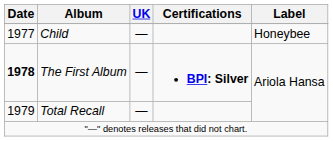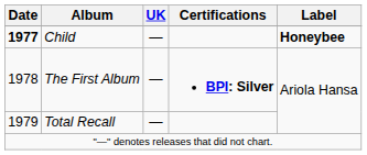 <table class=wikitable style=text-align:left;>
 <tr>
 <th>Date</th>
 <th>Album</th>
 <th><a href='#'>UK</a> <br></th>
 <th>Certifications</th>
 <th>Label</th>
 </tr>
 <tr>
 </tr>
 <tr>
-<td>1977</td>
+<td><strong>1977</strong></td>
 <td align=left><em>Child</em></td>
 <td align=center>—</td>
 <td></td>
-<td>Honeybee</td>
+<td><strong>Honeybee</strong></td>
 </tr>
 <tr>
-<td><strong>1978</strong></td>
+<td>1978</td>
 <td><em>The First Album</em></td>
 <td align=center>—</td>
 <td><strong><br><ul><li><a href='#'>BPI</a>: Silver</li></ul></strong></td>
 <td rowspan="2">Ariola Hansa</td>
 </tr>
 <tr>
 <td>1979</td>
 <td><em>Total Recall</em></td>
 <td align=center>—</td>
 <td></td>
 </tr>
 <tr>
 <td colspan="6" style="text-align:center; font-size:9pt;">"—" denotes releases that did not chart.</td>
 </tr>
 </table>
